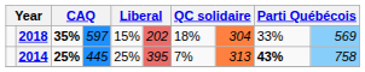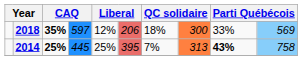 <table class="wikitable" style="width:400; font-size:90%; margin-left:1em;">
 <tr>
 <th colspan="2" scope="col">Year</th>
 <th colspan="2" scope="col"><a href='#'>CAQ</a></th>
 <th colspan="2" scope="col"><a href='#'>Liberal</a></th>
 <th colspan="2" scope="col"><a href='#'>QC solidaire</a></th>
 <th colspan="2" scope="col"><a href='#'>Parti Québécois</a></th>
 </tr>
 <tr>
 <td style="width: 0.25em; background-color: "></td>
 <th><a href='#'>2018</a></th>
 <td><strong>35%</strong></td>
 <td style="text-align:right; background:#1E90FF;"><em>597</em></td>
-<td>15%</td>
-<td style="text-align:right; background:#EA6D6A;"><em>202</em></td>
+<td>12%</td>
+<td style="text-align:right; background:#EA6D6A;"><em>206</em></td>
 <td>18%</td>
-<td style="text-align:right; background:#FF8040;"><em>304</em></td>
+<td style="text-align:right; background:#FF8040;"><em>300</em></td>
 <td>33%</td>
 <td style="text-align:right; background:#87CEFA;"><em>569</em></td>
 </tr>
 <tr>
 <td style="width: 0.25em; background-color: "></td>
 <th><a href='#'>2014</a></th>
 <td><strong>25%</strong></td>
 <td style="text-align:right; background:#1E90FF;"><em>445</em></td>
 <td>25%</td>
 <td style="text-align:right; background:#EA6D6A;"><em>395</em></td>
 <td>7%</td>
 <td style="text-align:right; background:#FF8040;"><em>313</em></td>
 <td><strong>43%</strong></td>
 <td style="text-align:right; background:#87CEFA;"><em>758</em></td>
 </tr>
 <tr>
 </tr>
 </table>
